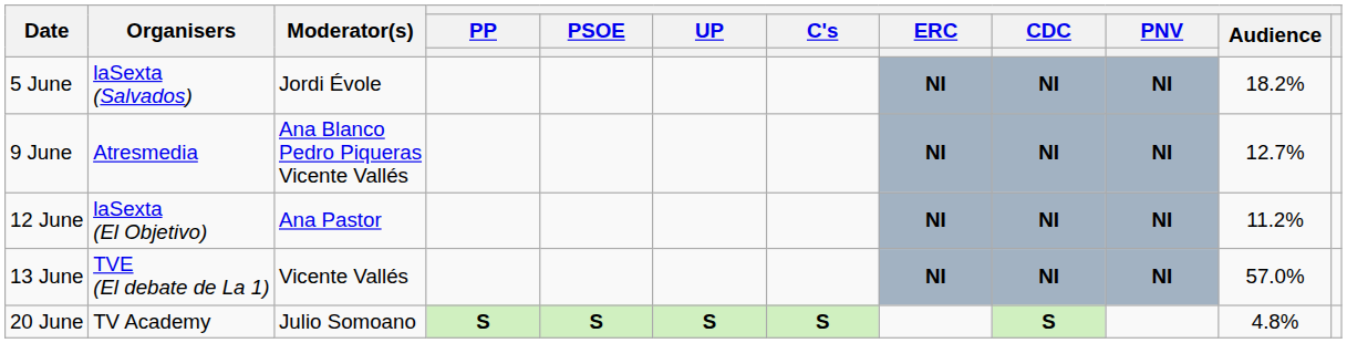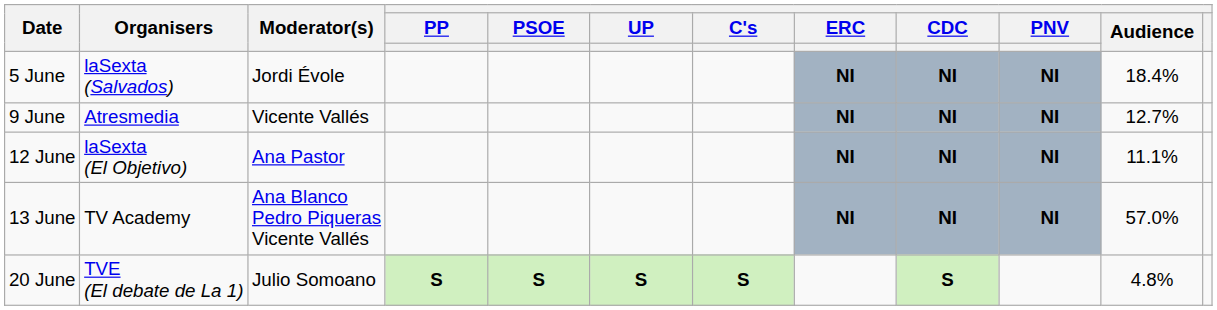 <table class="wikitable" style="text-align:center;">
 <tr>
 <th rowspan="3">Date</th>
 <th rowspan="3">Organisers</th>
 <th rowspan="3">Moderator(s)</th>
 <th colspan="11">        </th>
 </tr>
 <tr>
 <th scope="col" style="width:5em;"><a href='#'>PP</a></th>
 <th scope="col" style="width:5em;"><a href='#'>PSOE</a></th>
 <th scope="col" style="width:5em;"><a href='#'>UP</a></th>
 <th scope="col" style="width:5em;"><a href='#'>C's</a></th>
 <th scope="col" style="width:5em;"><a href='#'>ERC</a></th>
 <th scope="col" style="width:5em;"><a href='#'>CDC</a></th>
 <th scope="col" style="width:5em;"><a href='#'>PNV</a></th>
 <th rowspan="2" scope="col" style="width:5em;">Audience</th>
 <th rowspan="2"></th>
 </tr>
 <tr>
 <th style="color:inherit;background:"></th>
 <th style="color:inherit;background:"></th>
 <th style="color:inherit;background:"></th>
 <th style="color:inherit;background:"></th>
 <th style="color:inherit;background:"></th>
 <th style="color:inherit;background:"></th>
 <th style="color:inherit;background:"></th>
 </tr>
 <tr>
 <td style="white-space:nowrap; text-align:left;">5 June</td>
 <td style="white-space:nowrap; text-align:left;"><a href='#'>laSexta</a><br><em>(<a href='#'>Salvados</a>)</em></td>
 <td style="white-space:nowrap; text-align:left;">Jordi Évole</td>
 <td></td>
 <td></td>
 <td></td>
 <td></td>
 <td style="background:#A2B2C2;"><strong>NI</strong></td>
 <td style="background:#A2B2C2;"><strong>NI</strong></td>
 <td style="background:#A2B2C2;"><strong>NI</strong></td>
-<td>18.2%<br></td>
+<td>18.4%<br></td>
 <td></td>
 </tr>
 <tr>
 <td style="white-space:nowrap; text-align:left;">9 June</td>
 <td style="white-space:nowrap; text-align:left;"><a href='#'>Atresmedia</a></td>
-<td style="white-space:nowrap; text-align:left;"><a href='#'>Ana Blanco</a><br><a href='#'>Pedro Piqueras</a><br>Vicente Vallés</td>
+<td style="white-space:nowrap; text-align:left;">Vicente Vallés</td>
 <td></td>
 <td></td>
 <td></td>
 <td></td>
 <td style="background:#A2B2C2;"><strong>NI</strong></td>
 <td style="background:#A2B2C2;"><strong>NI</strong></td>
 <td style="background:#A2B2C2;"><strong>NI</strong></td>
 <td>12.7%<br></td>
 <td></td>
 </tr>
 <tr>
 <td style="white-space:nowrap; text-align:left;">12 June</td>
 <td style="white-space:nowrap; text-align:left;"><a href='#'>laSexta</a><br><em>(El Objetivo)</em></td>
 <td style="white-space:nowrap; text-align:left;"><a href='#'>Ana Pastor</a></td>
 <td></td>
 <td></td>
 <td></td>
 <td></td>
 <td style="background:#A2B2C2;"><strong>NI</strong></td>
 <td style="background:#A2B2C2;"><strong>NI</strong></td>
 <td style="background:#A2B2C2;"><strong>NI</strong></td>
-<td>11.2%<br></td>
+<td>11.1%<br></td>
 <td></td>
 </tr>
 <tr>
 <td style="white-space:nowrap; text-align:left;">13 June</td>
-<td style="white-space:nowrap; text-align:left;"><a href='#'>TVE</a><br><em>(El debate de La 1)</em></td>
-<td style="white-space:nowrap; text-align:left;">Vicente Vallés</td>
+<td style="white-space:nowrap; text-align:left;">TV Academy</td>
+<td style="white-space:nowrap; text-align:left;"><a href='#'>Ana Blanco</a><br><a href='#'>Pedro Piqueras</a><br>Vicente Vallés</td>
 <td></td>
 <td></td>
 <td></td>
 <td></td>
 <td style="background:#A2B2C2;"><strong>NI</strong></td>
 <td style="background:#A2B2C2;"><strong>NI</strong></td>
 <td style="background:#A2B2C2;"><strong>NI</strong></td>
 <td>57.0%<br></td>
 <td></td>
 </tr>
 <tr>
 <td style="white-space:nowrap; text-align:left;">20 June</td>
-<td style="white-space:nowrap; text-align:left;">TV Academy</td>
+<td style="white-space:nowrap; text-align:left;"><a href='#'>TVE</a><br><em>(El debate de La 1)</em></td>
 <td style="white-space:nowrap; text-align:left;">Julio Somoano</td>
 <td style="background:#D0F0C0;"><strong>S</strong><br></td>
 <td style="background:#D0F0C0;"><strong>S</strong><br></td>
 <td style="background:#D0F0C0;"><strong>S</strong><br></td>
 <td style="background:#D0F0C0;"><strong>S</strong><br></td>
 <td></td>
 <td style="background:#D0F0C0;"><strong>S</strong><br></td>
 <td></td>
 <td>4.8%<br></td>
 <td></td>
 </tr>
 </table>
